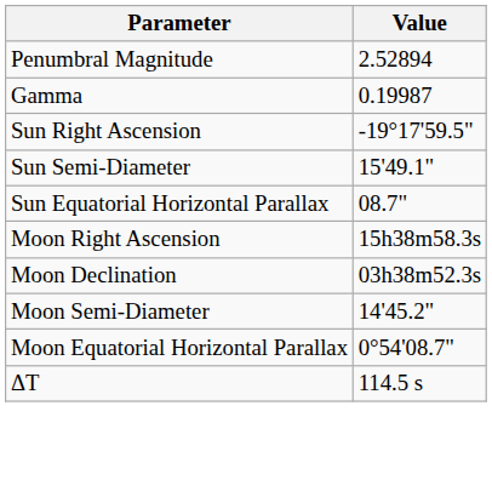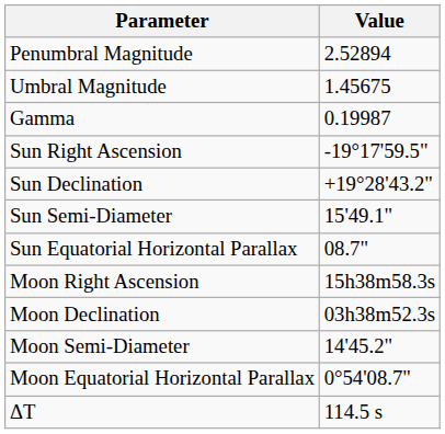 <table class="wikitable">
 <tr>
 <th>Parameter</th>
 <th>Value</th>
 </tr>
 <tr>
 <td>Penumbral Magnitude</td>
 <td>2.52894</td>
 </tr>
 <tr>
+<td>Umbral Magnitude</td>
+<td>1.45675</td>
+</tr>
+<tr>
 <td>Gamma</td>
 <td>0.19987</td>
 </tr>
 <tr>
 <td>Sun Right Ascension</td>
 <td>-19°17'59.5"</td>
+</tr>
+<tr>
+<td>Sun Declination</td>
+<td>+19°28'43.2"</td>
 </tr>
 <tr>
 <td>Sun Semi-Diameter</td>
 <td>15'49.1"</td>
 </tr>
 <tr>
 <td>Sun Equatorial Horizontal Parallax</td>
 <td>08.7"</td>
 </tr>
 <tr>
 <td>Moon Right Ascension</td>
 <td>15h38m58.3s</td>
 </tr>
 <tr>
 <td>Moon Declination</td>
 <td>03h38m52.3s</td>
 </tr>
 <tr>
 <td>Moon Semi-Diameter</td>
 <td>14'45.2"</td>
 </tr>
 <tr>
 <td>Moon Equatorial Horizontal Parallax</td>
 <td>0°54'08.7"</td>
 </tr>
 <tr>
 <td>ΔT</td>
 <td>114.5 s</td>
 </tr>
 </table>
